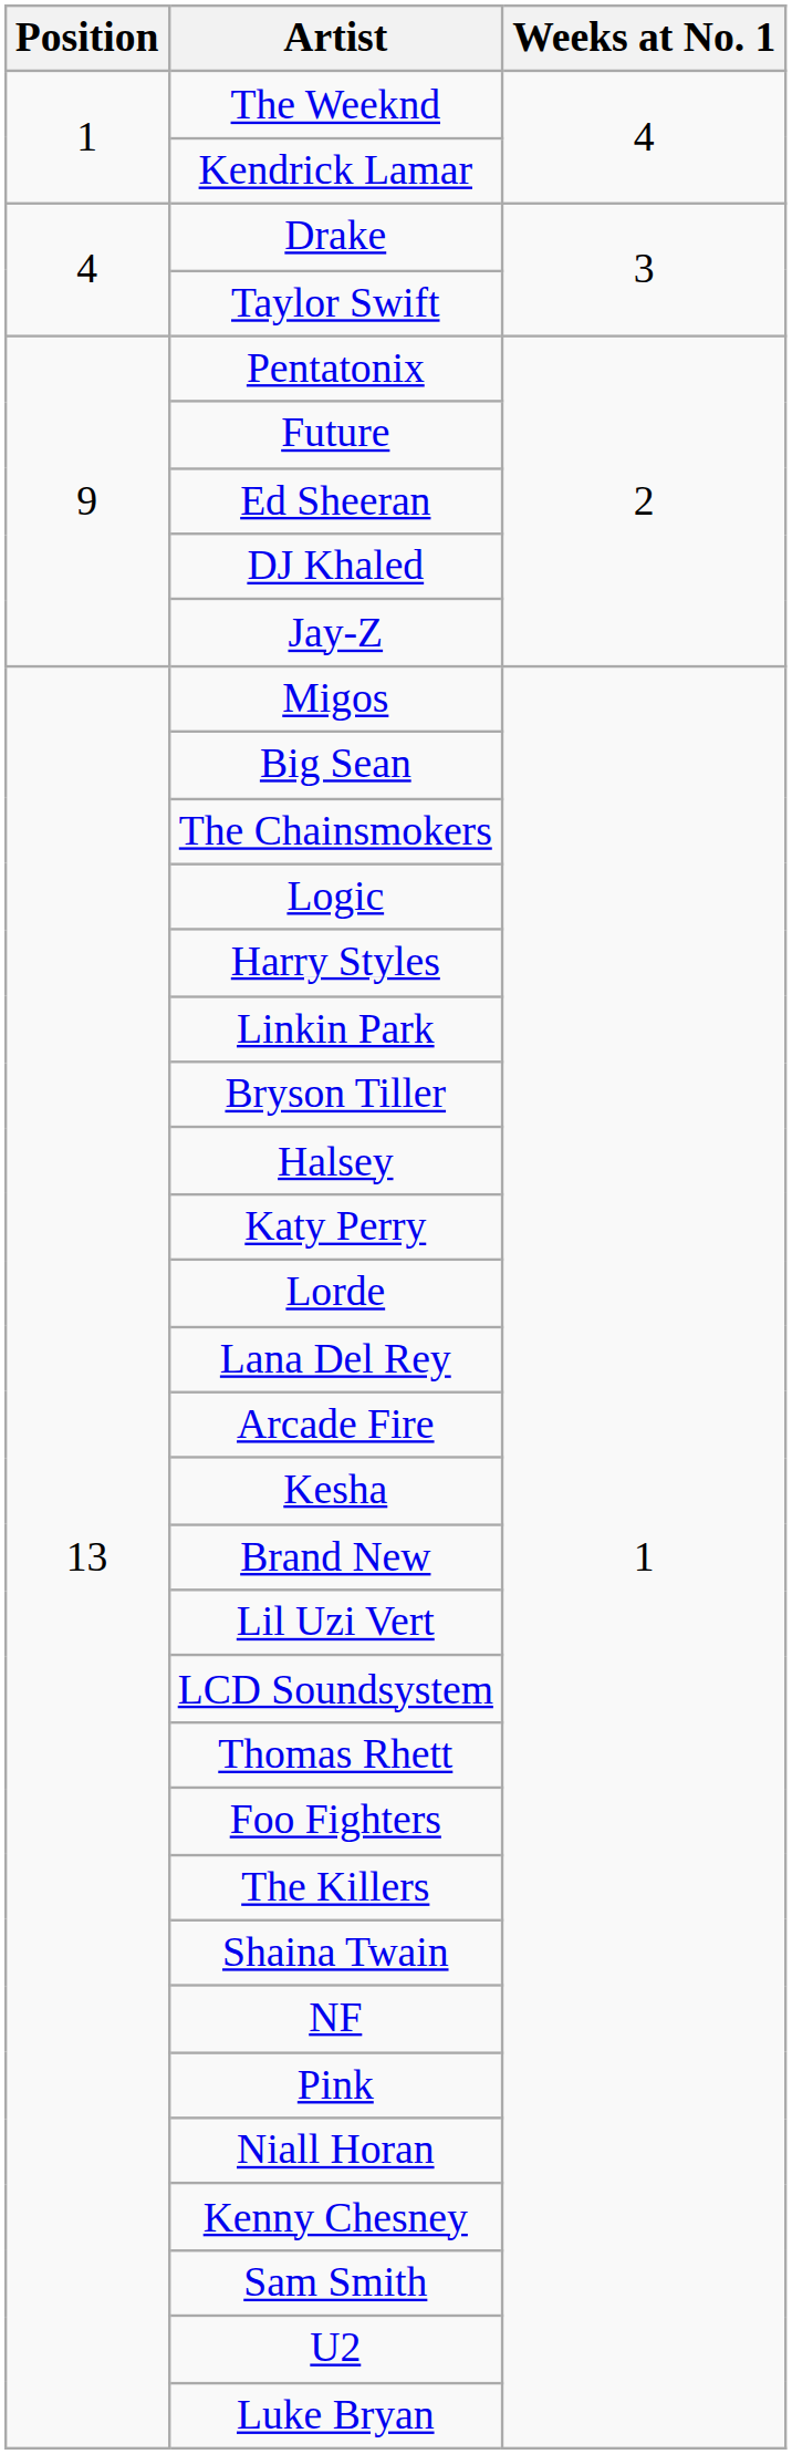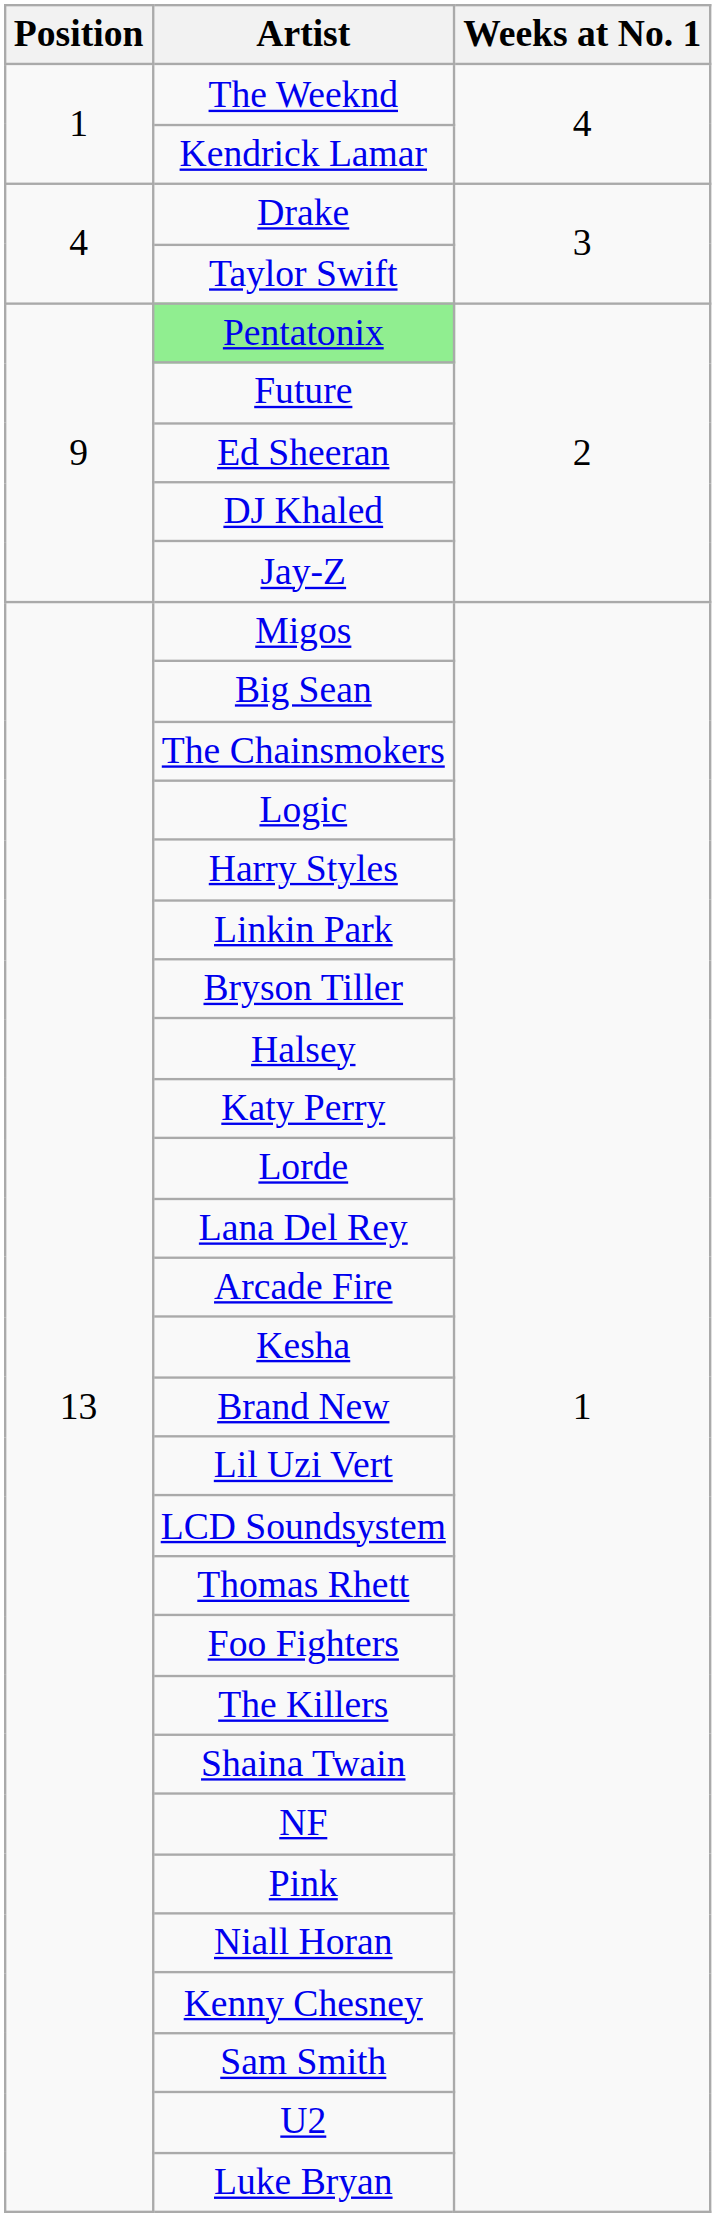 <table class="wikitable plainrowheaders" style="text-align:center;">
 <tr>
 <th>Position</th>
 <th>Artist</th>
 <th>Weeks at No. 1</th>
 </tr>
 <tr>
 <td rowspan="2">1</td>
 <td><a href='#'>The Weeknd</a></td>
 <td rowspan="2">4</td>
 </tr>
 <tr>
 <td><a href='#'>Kendrick Lamar</a></td>
 </tr>
 <tr>
 <td rowspan="2">4</td>
 <td><a href='#'>Drake</a></td>
 <td rowspan="2">3</td>
 </tr>
 <tr>
 <td><a href='#'>Taylor Swift</a></td>
 </tr>
 <tr>
 <td rowspan="5">9</td>
-<td><a href='#'>Pentatonix</a></td>
+<td style="background: lightgreen;"><a href='#'>Pentatonix</a></td>
 <td rowspan="5">2</td>
 </tr>
 <tr>
 <td><a href='#'>Future</a></td>
 </tr>
 <tr>
 <td><a href='#'>Ed Sheeran</a></td>
 </tr>
 <tr>
 <td><a href='#'>DJ Khaled</a></td>
 </tr>
 <tr>
 <td><a href='#'>Jay-Z</a></td>
 </tr>
 <tr>
 <td rowspan="27">13</td>
 <td><a href='#'>Migos</a></td>
 <td rowspan="28">1</td>
 </tr>
 <tr>
 <td><a href='#'>Big Sean</a></td>
 </tr>
 <tr>
 <td><a href='#'>The Chainsmokers</a></td>
 </tr>
 <tr>
 <td><a href='#'>Logic</a></td>
 </tr>
 <tr>
 <td><a href='#'>Harry Styles</a></td>
 </tr>
 <tr>
 <td><a href='#'>Linkin Park</a></td>
 </tr>
 <tr>
 <td><a href='#'>Bryson Tiller</a></td>
 </tr>
 <tr>
 <td><a href='#'>Halsey</a></td>
 </tr>
 <tr>
 <td><a href='#'>Katy Perry</a></td>
 </tr>
 <tr>
 <td><a href='#'>Lorde</a></td>
 </tr>
 <tr>
 <td><a href='#'>Lana Del Rey</a></td>
 </tr>
 <tr>
 <td><a href='#'>Arcade Fire</a></td>
 </tr>
 <tr>
 <td><a href='#'>Kesha</a></td>
 </tr>
 <tr>
 <td><a href='#'>Brand New</a></td>
 </tr>
 <tr>
 <td><a href='#'>Lil Uzi Vert</a></td>
 </tr>
 <tr>
 <td><a href='#'>LCD Soundsystem</a></td>
 </tr>
 <tr>
 <td><a href='#'>Thomas Rhett</a></td>
 </tr>
 <tr>
 <td><a href='#'>Foo Fighters</a></td>
 </tr>
 <tr>
 <td><a href='#'>The Killers</a></td>
 </tr>
 <tr>
 <td><a href='#'>Shaina Twain</a></td>
 </tr>
 <tr>
 <td><a href='#'>NF</a></td>
 </tr>
 <tr>
 <td><a href='#'>Pink</a></td>
 </tr>
 <tr>
 <td><a href='#'>Niall Horan</a></td>
 </tr>
 <tr>
 <td><a href='#'>Kenny Chesney</a></td>
 </tr>
 <tr>
 <td><a href='#'>Sam Smith</a></td>
 </tr>
 <tr>
 <td><a href='#'>U2</a></td>
 </tr>
 <tr>
 <td><a href='#'>Luke Bryan</a></td>
 </tr>
 </table>
